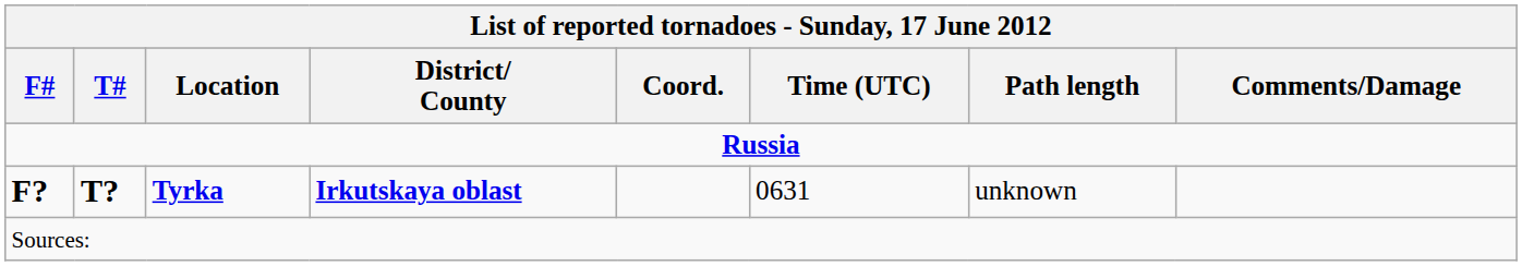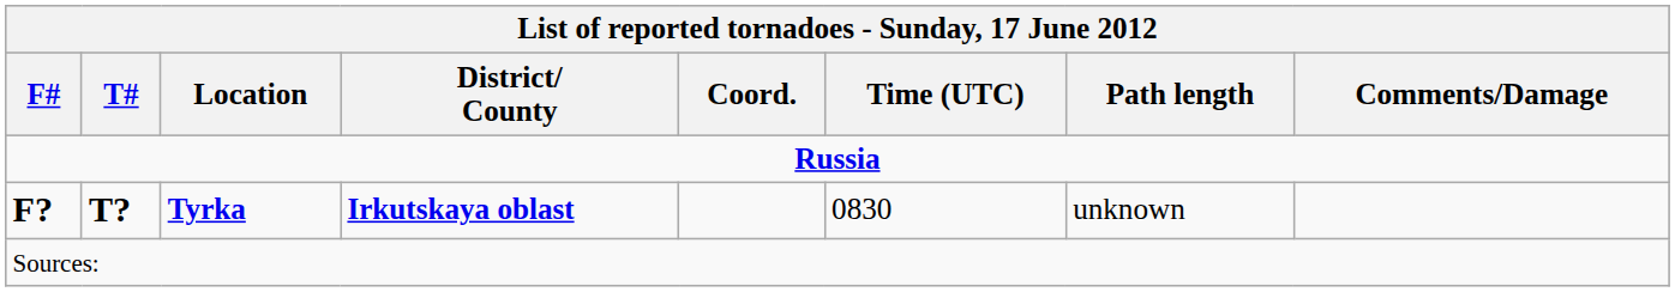 <table class="wikitable collapsible" width="100%">
 <tr>
 <th colspan="8">List of reported tornadoes - Sunday, 17 June 2012</th>
 </tr>
 <tr>
 <th><a href='#'>F#</a></th>
 <th><a href='#'>T#</a></th>
 <th>Location</th>
 <th>District/<br>County</th>
 <th>Coord.</th>
 <th>Time (UTC)</th>
 <th>Path length</th>
 <th>Comments/Damage</th>
 </tr>
 <tr>
 <td colspan="8" align=center><strong><a href='#'>Russia</a></strong></td>
 </tr>
 <tr>
 <td><big><strong>F?</strong></big></td>
 <td><big><strong>T?</strong></big></td>
 <td><strong><a href='#'>Tyrka</a></strong></td>
 <td><strong><a href='#'>Irkutskaya oblast</a></strong></td>
 <td></td>
-<td>0631</td>
+<td>0830</td>
 <td>unknown</td>
 <td></td>
 </tr>
 <tr>
 <td colspan="8"><small>Sources:  </small></td>
 </tr>
 </table>
